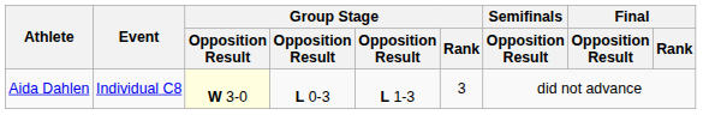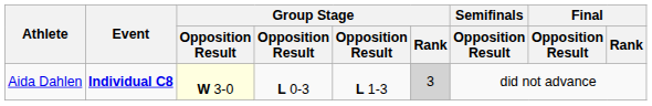 <table class=wikitable>
 <tr>
 <th rowspan="2">Athlete</th>
 <th rowspan="2">Event</th>
 <th colspan="4">Group Stage</th>
 <th>Semifinals</th>
 <th colspan="2">Final</th>
 </tr>
 <tr>
 <th>Opposition<br>Result</th>
 <th>Opposition<br>Result</th>
 <th>Opposition<br>Result</th>
 <th>Rank</th>
 <th>Opposition<br>Result</th>
 <th>Opposition<br>Result</th>
 <th>Rank</th>
 </tr>
 <tr align=center>
 <td align=left><a href='#'>Aida Dahlen</a></td>
-<td align=left><a href='#'>Individual C8</a></td>
+<td align=left><strong><a href='#'>Individual C8</a></strong></td>
 <td style="background: lightyellow;"><br> <strong>W</strong> 3-0</td>
 <td><br> <strong>L</strong> 0-3</td>
 <td><br> <strong>L</strong> 1-3</td>
-<td>3</td>
+<td style="background: lightgrey;">3</td>
 <td colspan=3>did not advance</td>
 </tr>
 </table>
